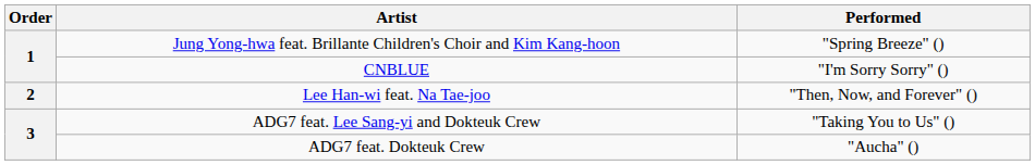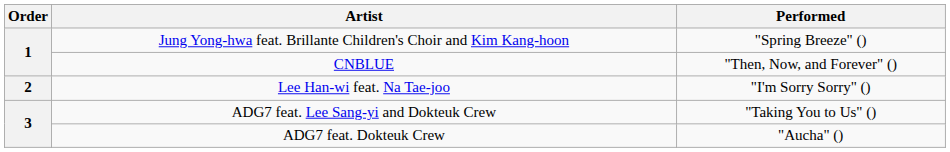 <table class="wikitable" style="text-align:center;">
 <tr>
 <th scope="col" width="5%">Order</th>
 <th scope="col">Artist</th>
 <th scope="col">Performed</th>
 </tr>
 <tr>
 <th scope="col" rowspan="2">1</th>
 <td><a href='#'>Jung Yong-hwa</a> feat. Brillante Children's Choir and <a href='#'>Kim Kang-hoon</a></td>
 <td>"Spring Breeze" ()<br></td>
 </tr>
 <tr>
 <td><a href='#'>CNBLUE</a></td>
-<td>"I'm Sorry Sorry" ()<br></td>
+<td>"Then, Now, and Forever" ()</td>
 </tr>
 <tr>
 <th scope="col">2</th>
 <td><a href='#'>Lee Han-wi</a> feat. <a href='#'>Na Tae-joo</a></td>
-<td>"Then, Now, and Forever" ()</td>
+<td>"I'm Sorry Sorry" ()<br></td>
 </tr>
 <tr>
 <th scope="col" rowspan="2">3</th>
 <td>ADG7 feat. <a href='#'>Lee Sang-yi</a> and Dokteuk Crew</td>
 <td>"Taking You to Us" ()</td>
 </tr>
 <tr>
 <td>ADG7 feat. Dokteuk Crew</td>
 <td>"Aucha" ()</td>
 </tr>
 </table>
